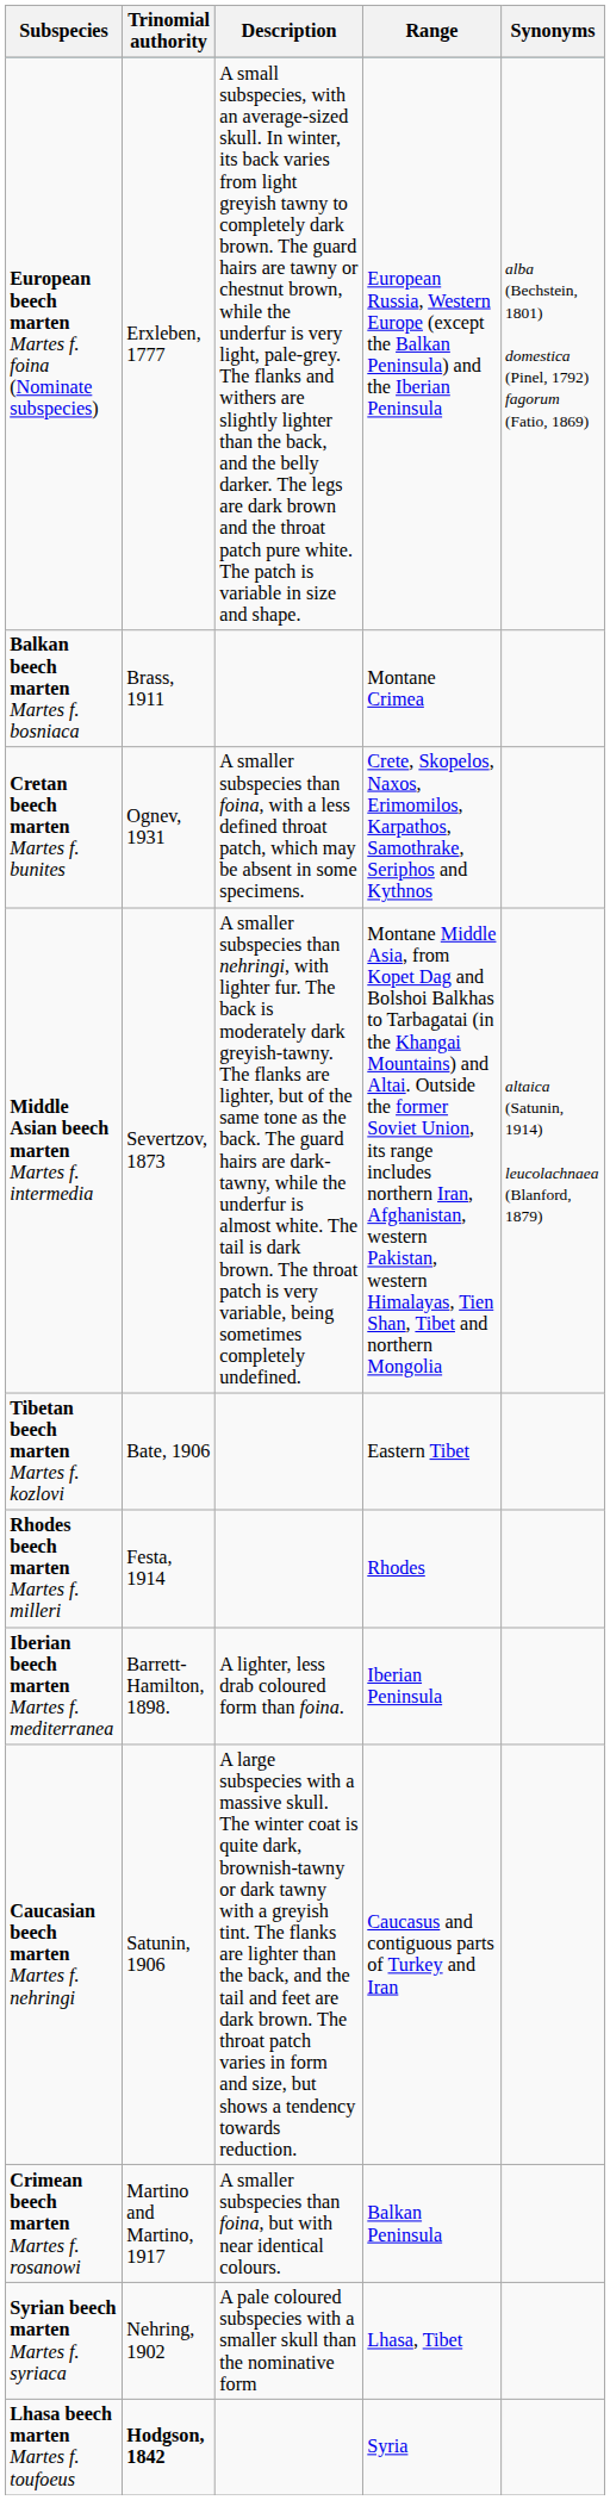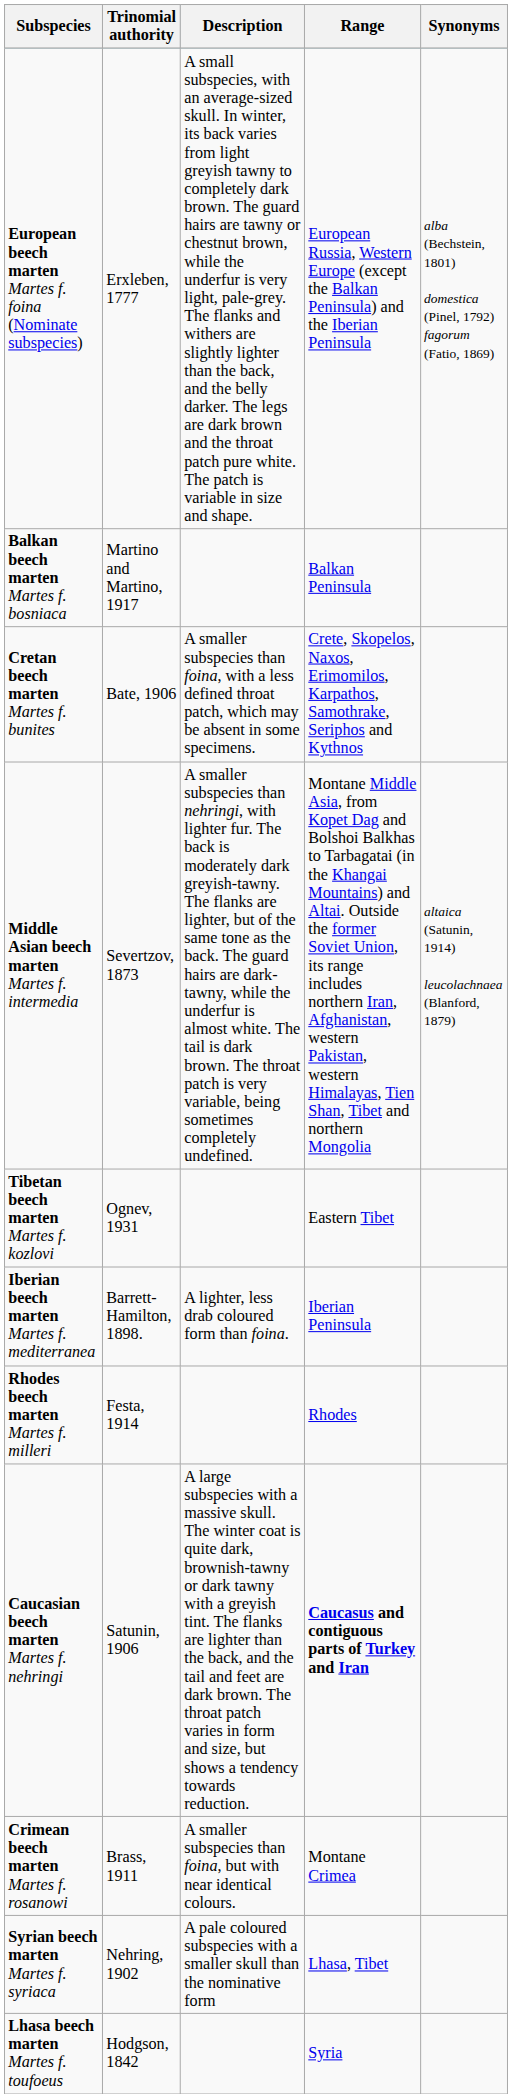 <table class="wikitable collapsible collapsed" width=80% font=90%>
 <tr style="background: #115a6c">
 <th>Subspecies</th>
 <th>Trinomial authority</th>
 <th>Description</th>
 <th>Range</th>
 <th>Synonyms</th>
 </tr>
 <tr --->
 <td><strong>European beech marten</strong> <em>Martes f. foina</em><br>(<a href='#'>Nominate subspecies</a>) </td>
 <td>Erxleben, 1777</td>
 <td>A small subspecies, with an average-sized skull. In winter, its back varies from light greyish tawny to completely dark brown. The guard hairs are tawny or chestnut brown, while the underfur is very light, pale-grey. The flanks and withers are slightly lighter than the back, and the belly darker. The legs are dark brown and the throat patch pure white. The patch is variable in size and shape.</td>
 <td><a href='#'>European Russia</a>, <a href='#'>Western Europe</a> (except the <a href='#'>Balkan Peninsula</a>) and the <a href='#'>Iberian Peninsula</a></td>
 <td><small><em>alba</em> (Bechstein, 1801)</small><br><br><small><em>domestica</em> (Pinel, 1792)</small><br> <small><em>fagorum</em> (Fatio, 1869)</small></td>
 </tr>
 <tr --->
 <td><strong>Balkan beech marten</strong> <em>Martes f. bosniaca</em></td>
-<td>Brass, 1911</td>
+<td>Martino and Martino, 1917</td>
 <td></td>
-<td>Montane <a href='#'>Crimea</a></td>
+<td><a href='#'>Balkan Peninsula</a></td>
 <td></td>
 </tr>
 <tr --->
 <td><strong>Cretan beech marten</strong> <em>Martes f. bunites</em></td>
-<td>Ognev, 1931</td>
+<td>Bate, 1906</td>
 <td>A smaller subspecies than <em>foina</em>, with a less defined throat patch, which may be absent in some specimens.</td>
 <td><a href='#'>Crete</a>, <a href='#'>Skopelos</a>, <a href='#'>Naxos</a>, <a href='#'>Erimomilos</a>, <a href='#'>Karpathos</a>, <a href='#'>Samothrake</a>, <a href='#'>Seriphos</a> and <a href='#'>Kythnos</a></td>
 <td></td>
 </tr>
 <tr --->
 <td><strong>Middle Asian beech marten</strong> <em>Martes f. intermedia</em></td>
 <td>Severtzov, 1873</td>
 <td>A smaller subspecies than <em>nehringi</em>, with lighter fur. The back is moderately dark greyish-tawny. The flanks are lighter, but of the same tone as the back. The guard hairs are dark-tawny, while the underfur is almost white. The tail is dark brown. The throat patch is very variable, being sometimes completely undefined.</td>
 <td>Montane <a href='#'>Middle Asia</a>, from <a href='#'>Kopet Dag</a> and Bolshoi Balkhas to Tarbagatai (in the <a href='#'>Khangai Mountains</a>) and <a href='#'>Altai</a>. Outside the <a href='#'>former Soviet Union</a>, its range includes northern <a href='#'>Iran</a>, <a href='#'>Afghanistan</a>, western <a href='#'>Pakistan</a>, western <a href='#'>Himalayas</a>, <a href='#'>Tien Shan</a>, <a href='#'>Tibet</a> and northern <a href='#'>Mongolia</a></td>
 <td><small><em>altaica</em> (Satunin, 1914)</small><br><br><small><em>leucolachnaea</em> (Blanford, 1879)</small></td>
 </tr>
 <tr --->
 <td><strong>Tibetan beech marten</strong> <em>Martes f. kozlovi</em></td>
-<td>Bate, 1906</td>
+<td>Ognev, 1931</td>
 <td></td>
 <td>Eastern <a href='#'>Tibet</a></td>
+<td></td>
+</tr>
+<tr --->
+<td><strong>Iberian beech marten</strong> <em>Martes f. mediterranea</em></td>
+<td>Barrett-Hamilton, 1898.</td>
+<td>A lighter, less drab coloured form than <em>foina</em>.</td>
+<td><a href='#'>Iberian Peninsula</a></td>
 <td></td>
 </tr>
 <tr --->
 <td><strong>Rhodes beech marten</strong> <em>Martes f. milleri</em></td>
 <td>Festa, 1914</td>
 <td></td>
 <td><a href='#'>Rhodes</a></td>
 <td></td>
 </tr>
 <tr --->
-<td><strong>Iberian beech marten</strong> <em>Martes f. mediterranea</em></td>
-<td>Barrett-Hamilton, 1898.</td>
-<td>A lighter, less drab coloured form than <em>foina</em>.</td>
-<td><a href='#'>Iberian Peninsula</a></td>
-<td></td>
-</tr>
-<tr --->
 <td><strong>Caucasian beech marten</strong> <em>Martes f. nehringi</em></td>
 <td>Satunin, 1906</td>
 <td>A large subspecies with a massive skull. The winter coat is quite dark, brownish-tawny or dark tawny with a greyish tint. The flanks are lighter than the back, and the tail and feet are dark brown. The throat patch varies in form and size, but shows a tendency towards reduction.</td>
-<td><a href='#'>Caucasus</a> and contiguous parts of <a href='#'>Turkey</a> and <a href='#'>Iran</a></td>
+<td><strong><a href='#'>Caucasus</a> and contiguous parts of <a href='#'>Turkey</a> and <a href='#'>Iran</a></strong></td>
 <td></td>
 </tr>
 <tr --->
 <td><strong>Crimean beech marten</strong> <em>Martes f. rosanowi</em></td>
-<td>Martino and Martino, 1917</td>
+<td>Brass, 1911</td>
 <td>A smaller subspecies than <em>foina</em>, but with near identical colours.</td>
-<td><a href='#'>Balkan Peninsula</a></td>
+<td>Montane <a href='#'>Crimea</a></td>
 <td></td>
 </tr>
 <tr --->
 <td><strong>Syrian beech marten</strong> <em>Martes f. syriaca</em></td>
 <td>Nehring, 1902</td>
 <td>A pale coloured subspecies with a smaller skull than the nominative form</td>
 <td><a href='#'>Lhasa</a>, <a href='#'>Tibet</a></td>
 <td></td>
 </tr>
 <tr --->
 <td><strong>Lhasa beech marten</strong> <em>Martes f. toufoeus</em></td>
-<td><strong>Hodgson, 1842</strong></td>
+<td>Hodgson, 1842</td>
 <td></td>
 <td><a href='#'>Syria</a></td>
 <td></td>
 </tr>
 <tr --->
 </tr>
 </table>
